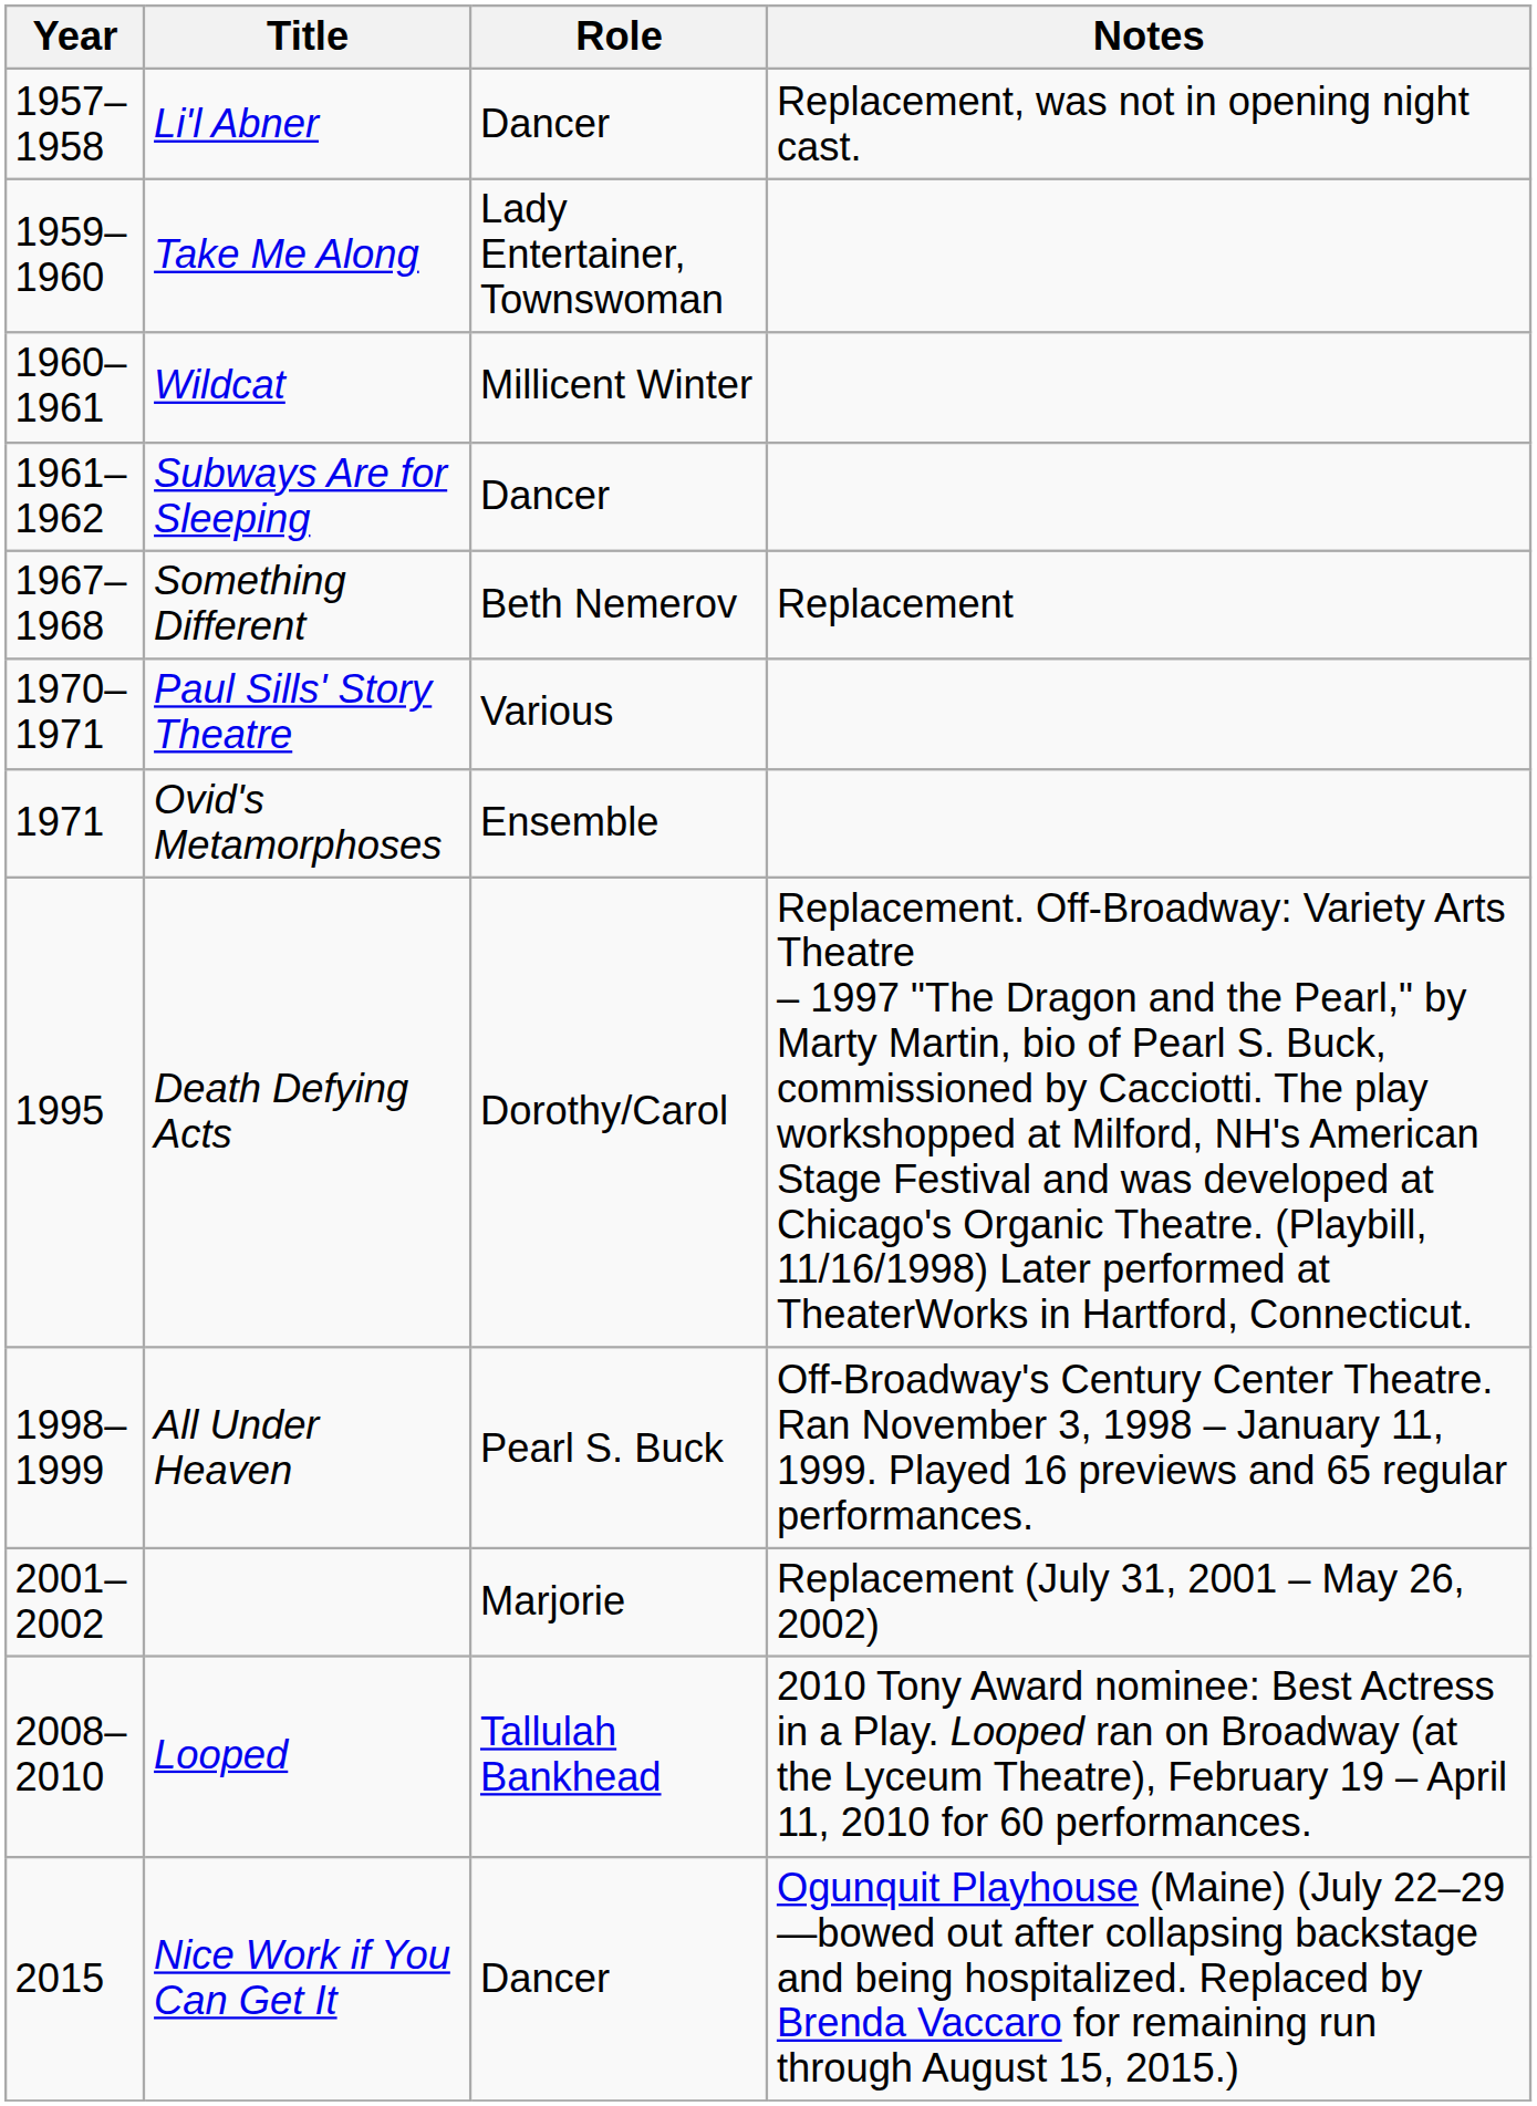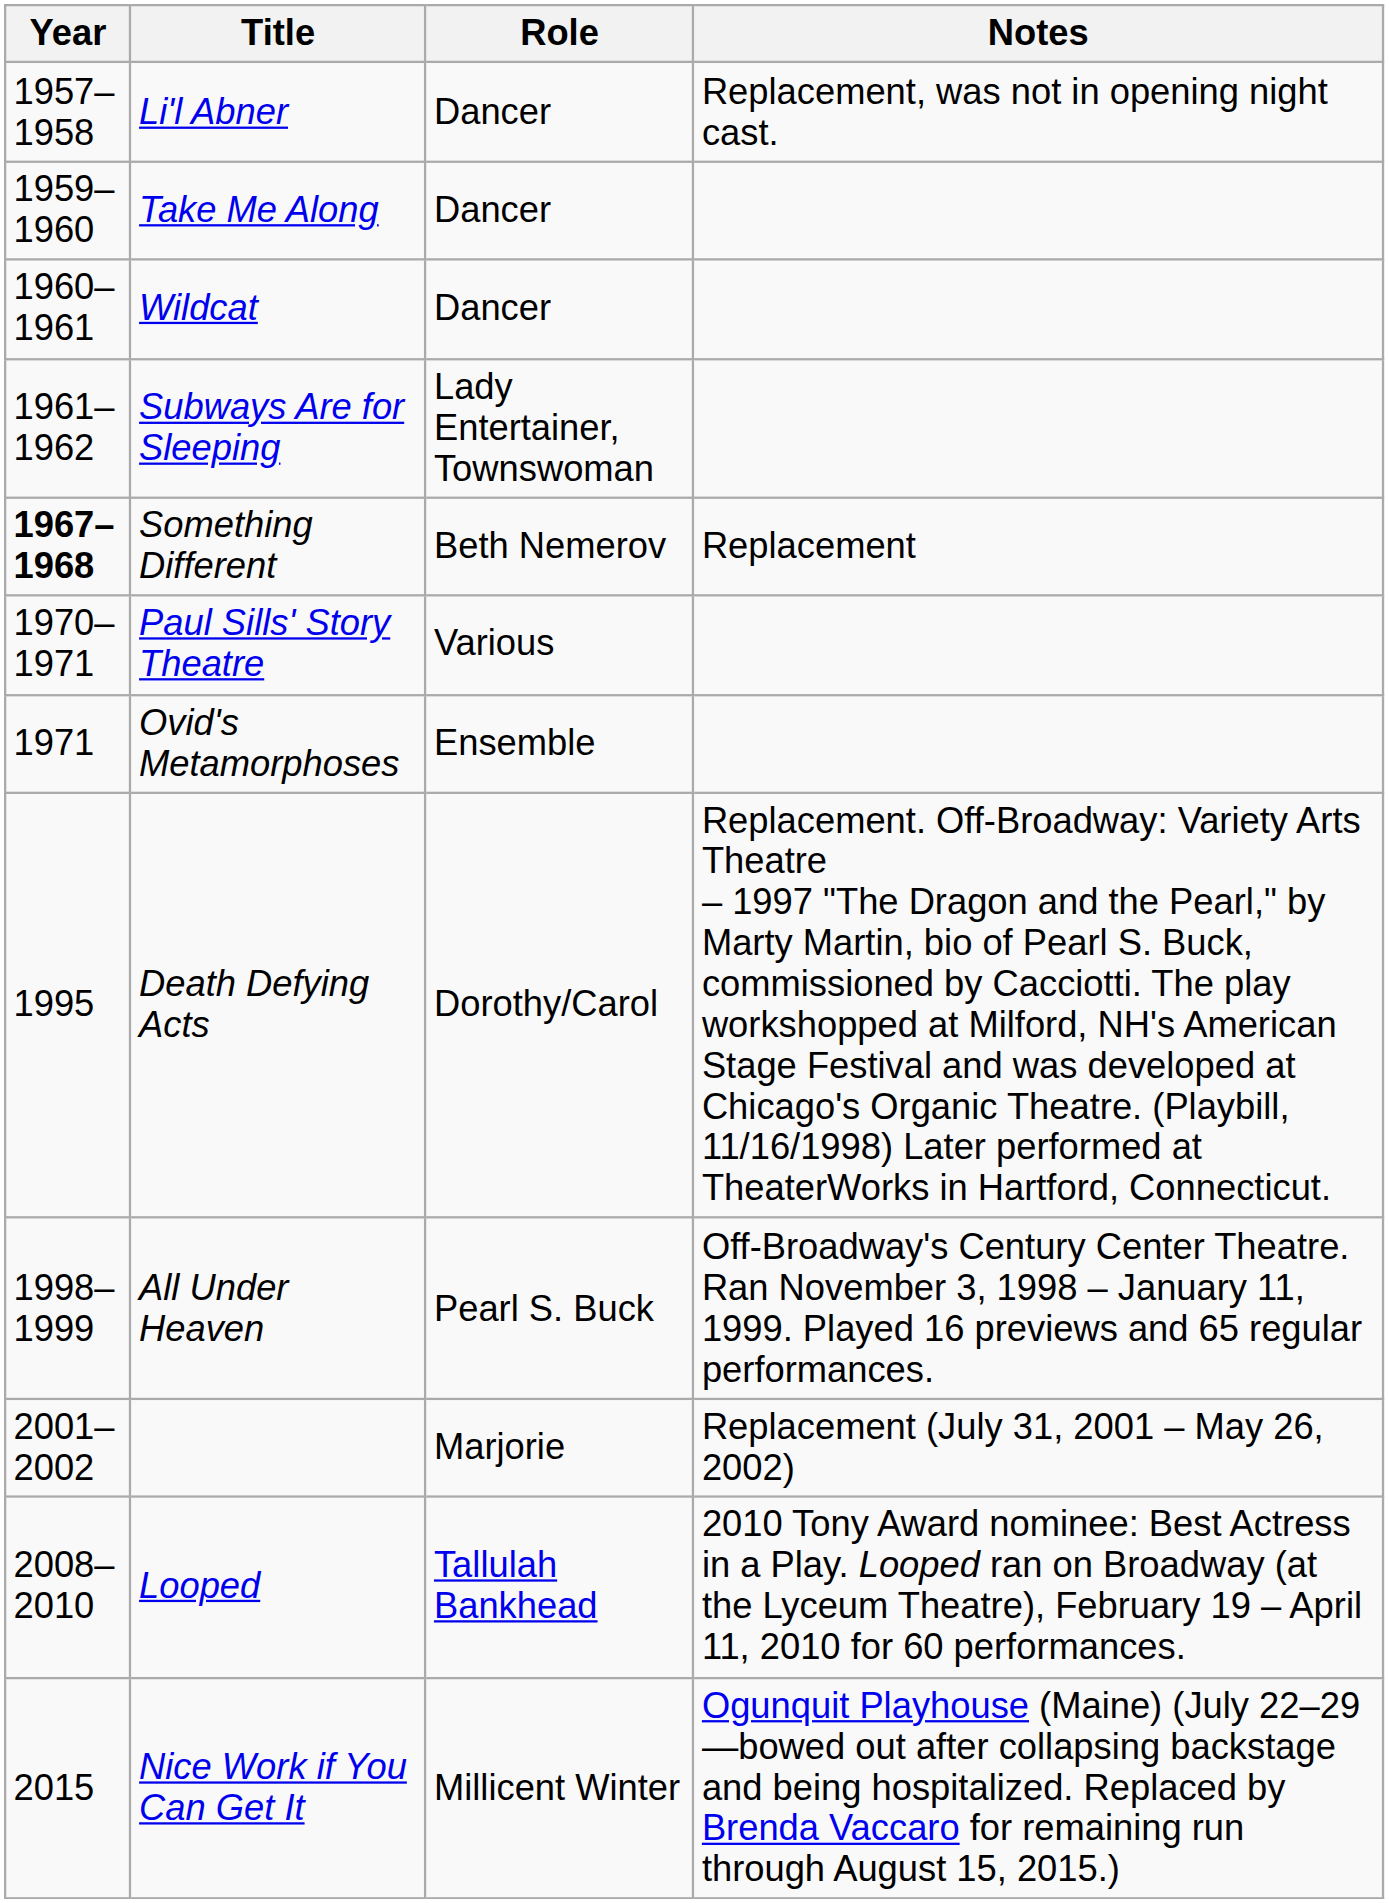 <table class="wikitable sortable">
 <tr>
 <th>Year</th>
 <th>Title</th>
 <th>Role</th>
 <th class="unsortable">Notes</th>
 </tr>
 <tr>
 <td>1957–1958</td>
 <td><a href='#'><em>Li'l Abner</em></a></td>
 <td>Dancer</td>
 <td>Replacement, was not in opening night cast.</td>
 </tr>
 <tr>
 <td>1959–1960</td>
 <td><em><a href='#'>Take Me Along</a></em></td>
-<td>Lady Entertainer, Townswoman</td>
+<td>Dancer</td>
 <td></td>
 </tr>
 <tr>
 <td>1960–1961</td>
 <td><em><a href='#'>Wildcat</a></em></td>
-<td>Millicent Winter</td>
+<td>Dancer</td>
 <td></td>
 </tr>
 <tr>
 <td>1961–1962</td>
 <td><em><a href='#'>Subways Are for Sleeping</a></em></td>
-<td>Dancer</td>
+<td>Lady Entertainer, Townswoman</td>
 <td></td>
 </tr>
 <tr>
-<td>1967–1968</td>
+<td><strong>1967–1968</strong></td>
 <td><em>Something Different</em></td>
 <td>Beth Nemerov</td>
 <td>Replacement</td>
 </tr>
 <tr>
 <td>1970–1971</td>
 <td><em><a href='#'>Paul Sills' Story Theatre</a></em></td>
 <td>Various</td>
 <td></td>
 </tr>
 <tr>
 <td>1971</td>
 <td><em>Ovid's Metamorphoses</em></td>
 <td>Ensemble</td>
 <td></td>
 </tr>
 <tr>
 <td>1995</td>
 <td><em>Death Defying Acts</em></td>
 <td>Dorothy/Carol</td>
 <td>Replacement. Off-Broadway: Variety Arts Theatre<br>– 1997  "The Dragon and the Pearl," by Marty Martin, bio of Pearl S. Buck, commissioned by Cacciotti. The play workshopped at Milford, NH's American Stage Festival and was developed at Chicago's Organic Theatre. (Playbill, 11/16/1998) Later performed at TheaterWorks in Hartford, Connecticut.</td>
 </tr>
 <tr>
 <td>1998–1999</td>
 <td><em>All Under Heaven</em></td>
 <td>Pearl S. Buck</td>
 <td>Off-Broadway's Century Center Theatre. Ran November 3, 1998 – January 11, 1999. Played 16 previews and 65 regular performances.</td>
 </tr>
 <tr>
 <td>2001–2002</td>
 <td><em></em></td>
 <td>Marjorie</td>
 <td>Replacement (July 31, 2001 – May 26, 2002)</td>
 </tr>
 <tr>
 <td>2008–2010</td>
 <td><em><a href='#'>Looped</a></em></td>
 <td><a href='#'>Tallulah Bankhead</a></td>
 <td>2010 Tony Award nominee: Best Actress in a Play. <em>Looped</em> ran on Broadway (at the Lyceum Theatre), February 19 – April 11, 2010 for 60 performances.</td>
 </tr>
 <tr>
 <td>2015</td>
 <td><em><a href='#'>Nice Work if You Can Get It</a></em></td>
-<td>Dancer</td>
+<td>Millicent Winter</td>
 <td><a href='#'>Ogunquit Playhouse</a> (Maine) (July 22–29—bowed out after collapsing backstage and being hospitalized. Replaced by <a href='#'>Brenda Vaccaro</a> for remaining run through August 15, 2015.)</td>
 </tr>
 </table>
